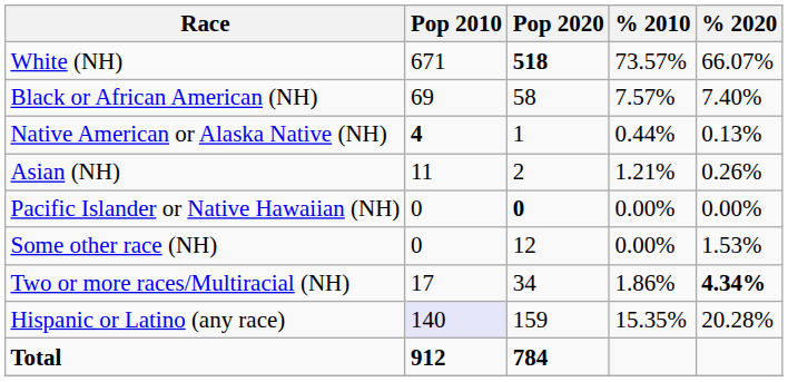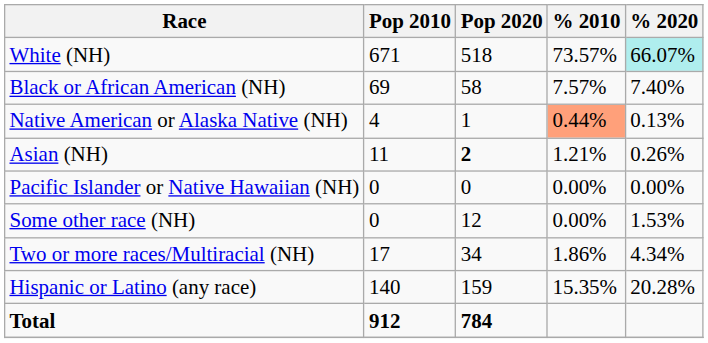 <table class="wikitable">
 <tr>
 <th>Race</th>
 <th>Pop 2010</th>
 <th>Pop 2020</th>
 <th>% 2010</th>
 <th>% 2020</th>
 </tr>
 <tr>
 <td><a href='#'>White</a> (NH)</td>
 <td>671</td>
-<td><strong>518</strong></td>
+<td>518</td>
 <td>73.57%</td>
-<td>66.07%</td>
+<td style="background: paleturquoise;">66.07%</td>
 </tr>
 <tr>
 <td><a href='#'>Black or African American</a> (NH)</td>
 <td>69</td>
 <td>58</td>
 <td>7.57%</td>
 <td>7.40%</td>
 </tr>
 <tr>
 <td><a href='#'>Native American</a> or <a href='#'>Alaska Native</a> (NH)</td>
-<td><strong>4</strong></td>
+<td>4</td>
 <td>1</td>
-<td>0.44%</td>
+<td style="background: lightsalmon;">0.44%</td>
 <td>0.13%</td>
 </tr>
 <tr>
 <td><a href='#'>Asian</a> (NH)</td>
 <td>11</td>
-<td>2</td>
+<td><strong>2</strong></td>
 <td>1.21%</td>
 <td>0.26%</td>
 </tr>
 <tr>
 <td><a href='#'>Pacific Islander</a> or <a href='#'>Native Hawaiian</a> (NH)</td>
 <td>0</td>
-<td><strong>0</strong></td>
+<td>0</td>
 <td>0.00%</td>
 <td>0.00%</td>
 </tr>
 <tr>
 <td><a href='#'>Some other race</a> (NH)</td>
 <td>0</td>
 <td>12</td>
 <td>0.00%</td>
 <td>1.53%</td>
 </tr>
 <tr>
 <td><a href='#'>Two or more races/Multiracial</a> (NH)</td>
 <td>17</td>
 <td>34</td>
 <td>1.86%</td>
-<td><strong>4.34%</strong></td>
+<td>4.34%</td>
 </tr>
 <tr>
 <td><a href='#'>Hispanic or Latino</a> (any race)</td>
-<td style="background: lavender;">140</td>
+<td>140</td>
 <td>159</td>
 <td>15.35%</td>
 <td>20.28%</td>
 </tr>
 <tr>
 <td><strong>Total</strong></td>
 <td><strong>912</strong></td>
 <td><strong>784</strong></td>
 <td></td>
 <td></td>
 </tr>
 <tr>
 </tr>
 </table>
